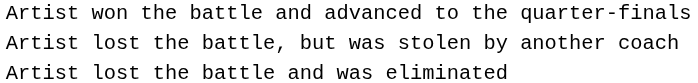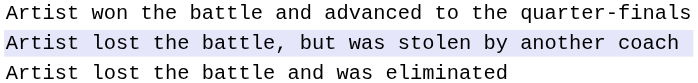 <table class="toccolours" style="font-size: 100%; white-space: nowrap">
 <tr>
 <td> Artist won the battle and advanced to the quarter-finals</td>
 </tr>
 <tr>
-<td> Artist lost the battle, but was stolen by another coach</td>
+<td style="background: lavender;"> Artist lost the battle, but was stolen by another coach</td>
 </tr>
 <tr>
 <td> Artist lost the battle and was eliminated</td>
 </tr>
 </table>
